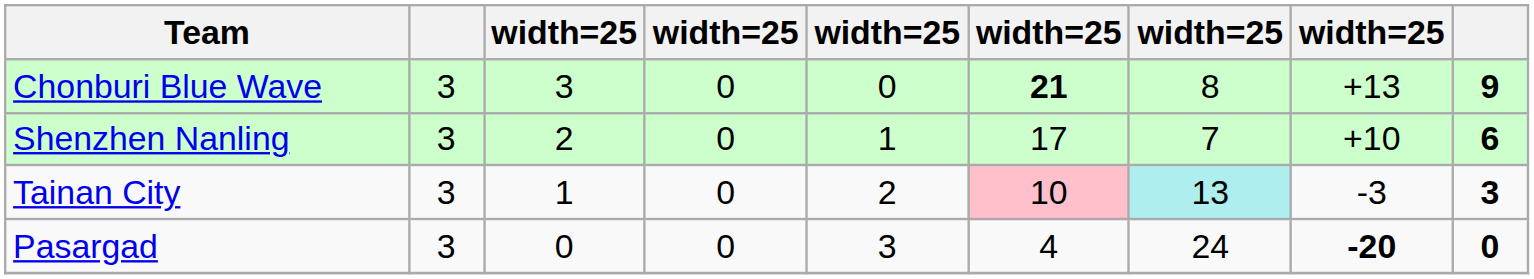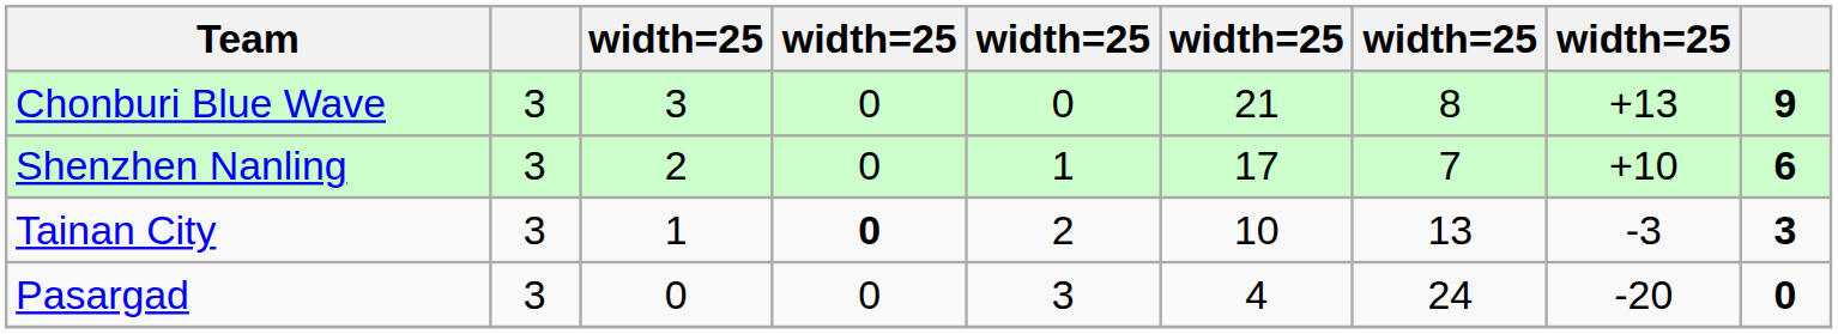 <table class="wikitable" style="text-align: center; font-size: 90%;">
 <tr>
 <th width="165">Team</th>
 <th width=25></th>
 <th>width=25</th>
 <th>width=25</th>
 <th>width=25</th>
 <th>width=25</th>
 <th>width=25</th>
 <th>width=25</th>
 <th width=25></th>
 </tr>
 <tr align=center bgcolor="ccffcc">
 <td style="text-align:left;"> <a href='#'>Chonburi Blue Wave</a></td>
 <td>3</td>
 <td>3</td>
 <td>0</td>
 <td>0</td>
-<td><strong>21</strong></td>
+<td>21</td>
 <td>8</td>
 <td>+13</td>
 <td><strong>9</strong></td>
 </tr>
 <tr align=center bgcolor="ccffcc">
 <td style="text-align:left;"> <a href='#'>Shenzhen Nanling</a></td>
 <td>3</td>
 <td>2</td>
 <td>0</td>
 <td>1</td>
 <td>17</td>
 <td>7</td>
 <td>+10</td>
 <td><strong>6</strong></td>
 </tr>
 <tr>
 <td style="text-align:left;"> <a href='#'>Tainan City</a></td>
 <td>3</td>
 <td>1</td>
-<td>0</td>
+<td><strong>0</strong></td>
 <td>2</td>
-<td style="background: pink;">10</td>
-<td style="background: paleturquoise;">13</td>
+<td>10</td>
+<td>13</td>
 <td>-3</td>
 <td><strong>3</strong></td>
 </tr>
 <tr>
 <td style="text-align:left;"> <a href='#'>Pasargad</a></td>
 <td>3</td>
 <td>0</td>
 <td>0</td>
 <td>3</td>
 <td>4</td>
 <td>24</td>
-<td><strong>-20</strong></td>
+<td>-20</td>
 <td><strong>0</strong></td>
 </tr>
 <tr>
 </tr>
 </table>
